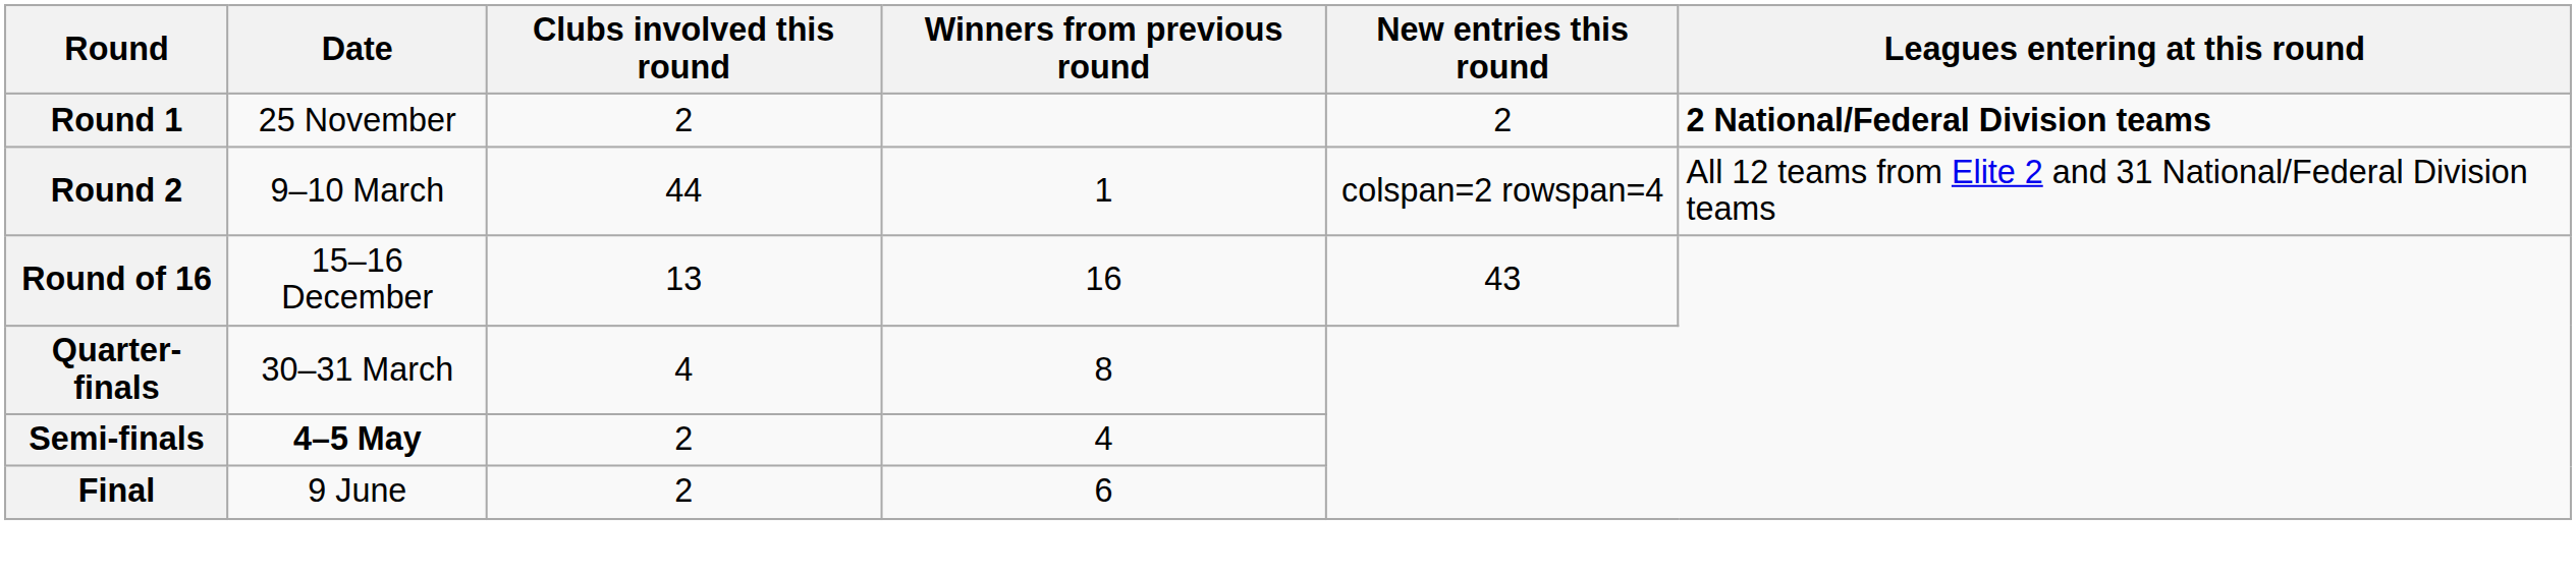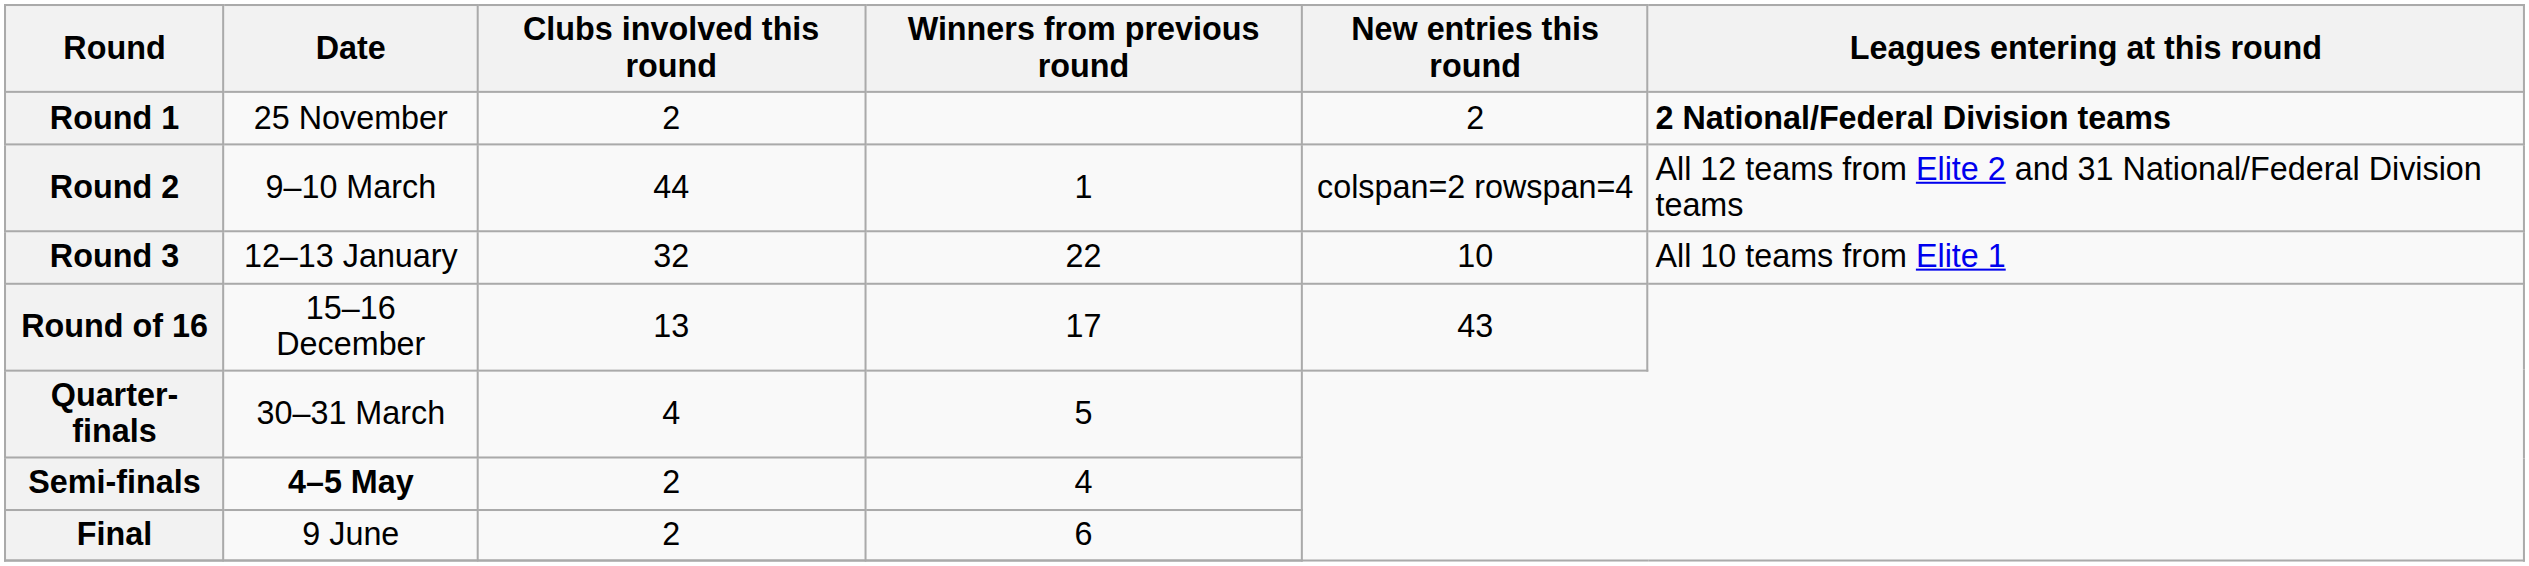 <table class="wikitable plainrowheaders" style="text-align:center;">
 <tr>
 <th scope="col">Round</th>
 <th scope="col">Date</th>
 <th scope="col">Clubs involved this round</th>
 <th scope="col">Winners from previous round</th>
 <th scope="col">New entries this round</th>
 <th scope="col">Leagues entering at this round</th>
 </tr>
 <tr>
 <th scope="row" style="text-align:center;">Round 1</th>
 <td>25 November</td>
 <td>2</td>
 <td></td>
 <td>2</td>
 <td style="text-align: left;"><strong>2 National/Federal Division teams</strong></td>
 </tr>
 <tr>
 <th scope="row" style="text-align:center;">Round 2</th>
 <td>9–10 March</td>
 <td>44</td>
 <td>1</td>
 <td>colspan=2 rowspan=4</td>
 <td style="text-align: left;">All 12 teams from <a href='#'>Elite 2</a> and 31 National/Federal Division teams</td>
 </tr>
 <tr>
+<th scope="row" style="text-align:center;">Round 3</th>
+<td>12–13 January</td>
+<td>32</td>
+<td>22</td>
+<td>10</td>
+<td style="text-align: left;">All 10 teams from <a href='#'>Elite 1</a></td>
+</tr>
+<tr>
 <th scope="row" style="text-align:center;">Round of 16</th>
 <td>15–16 December</td>
 <td>13</td>
-<td>16</td>
+<td>17</td>
 <td>43</td>
 </tr>
 <tr>
 <th scope="row" style="text-align:center;">Quarter-finals</th>
 <td>30–31 March</td>
 <td>4</td>
-<td>8</td>
+<td>5</td>
 </tr>
 <tr>
 <th scope="row" style="text-align:center;">Semi-finals</th>
 <td><strong>4–5 May</strong></td>
 <td>2</td>
 <td>4</td>
 </tr>
 <tr>
 <th scope="row" style="text-align:center;">Final</th>
 <td>9 June</td>
 <td>2</td>
 <td>6</td>
 </tr>
 <tr>
 </tr>
 </table>
